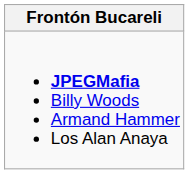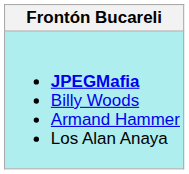 <table class="wikitable">
 <tr>
 <th>Frontón Bucareli</th>
 </tr>
 <tr>
-<td><br><ul><li><strong><a href='#'>JPEGMafia</a></strong></li><li><a href='#'>Billy Woods</a></li><li><a href='#'>Armand Hammer</a></li><li>Los Alan Anaya</li></ul></td>
+<td style="background: paleturquoise;"><br><ul><li><strong><a href='#'>JPEGMafia</a></strong></li><li><a href='#'>Billy Woods</a></li><li><a href='#'>Armand Hammer</a></li><li>Los Alan Anaya</li></ul></td>
 </tr>
 </table>
